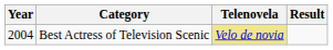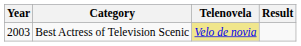 <table class="wikitable">
 <tr style="background:#b0c4de;">
 <th>Year</th>
 <th>Category</th>
 <th>Telenovela</th>
 <th>Result</th>
 </tr>
 <tr>
-<td>2004</td>
+<td>2003</td>
 <td>Best Actress of Television Scenic</td>
 <td style="background: khaki;"><em><a href='#'>Velo de novia</a></em></td>
 <td></td>
 </tr>
 </table>
